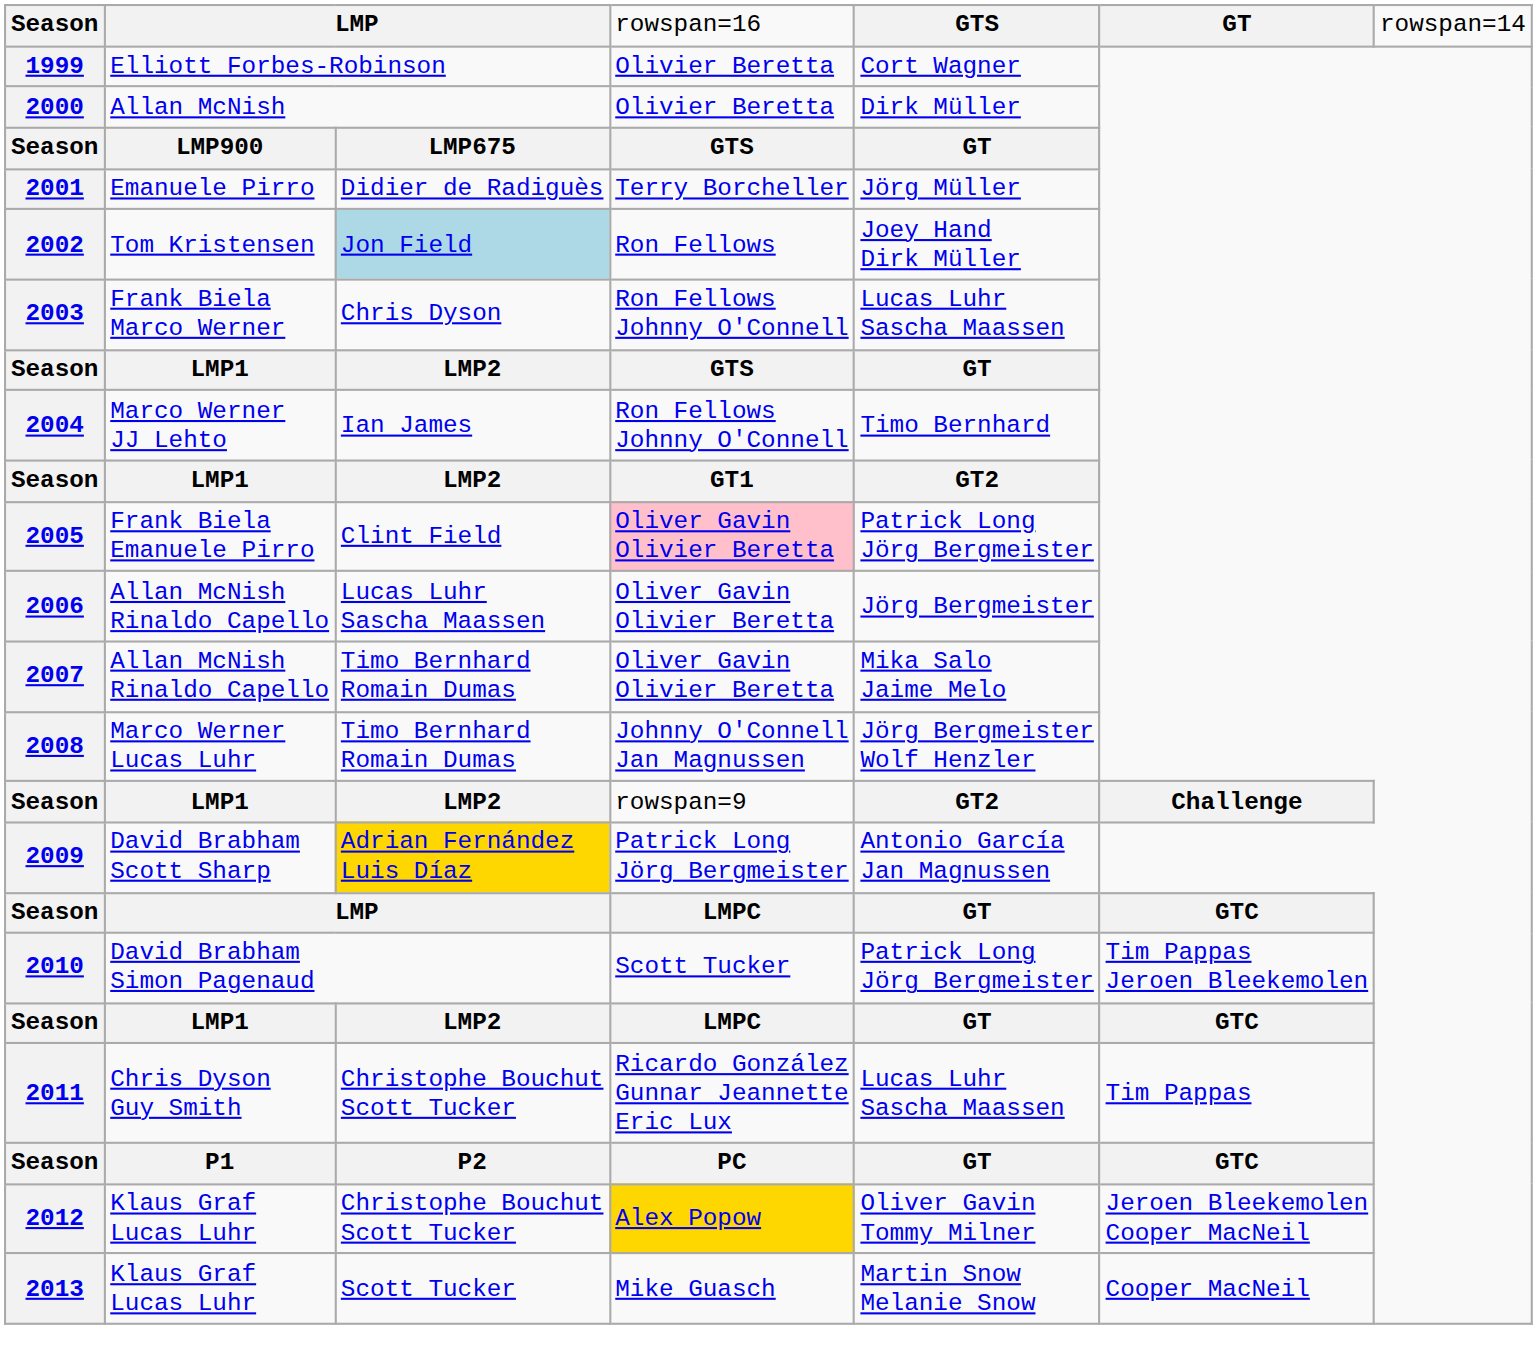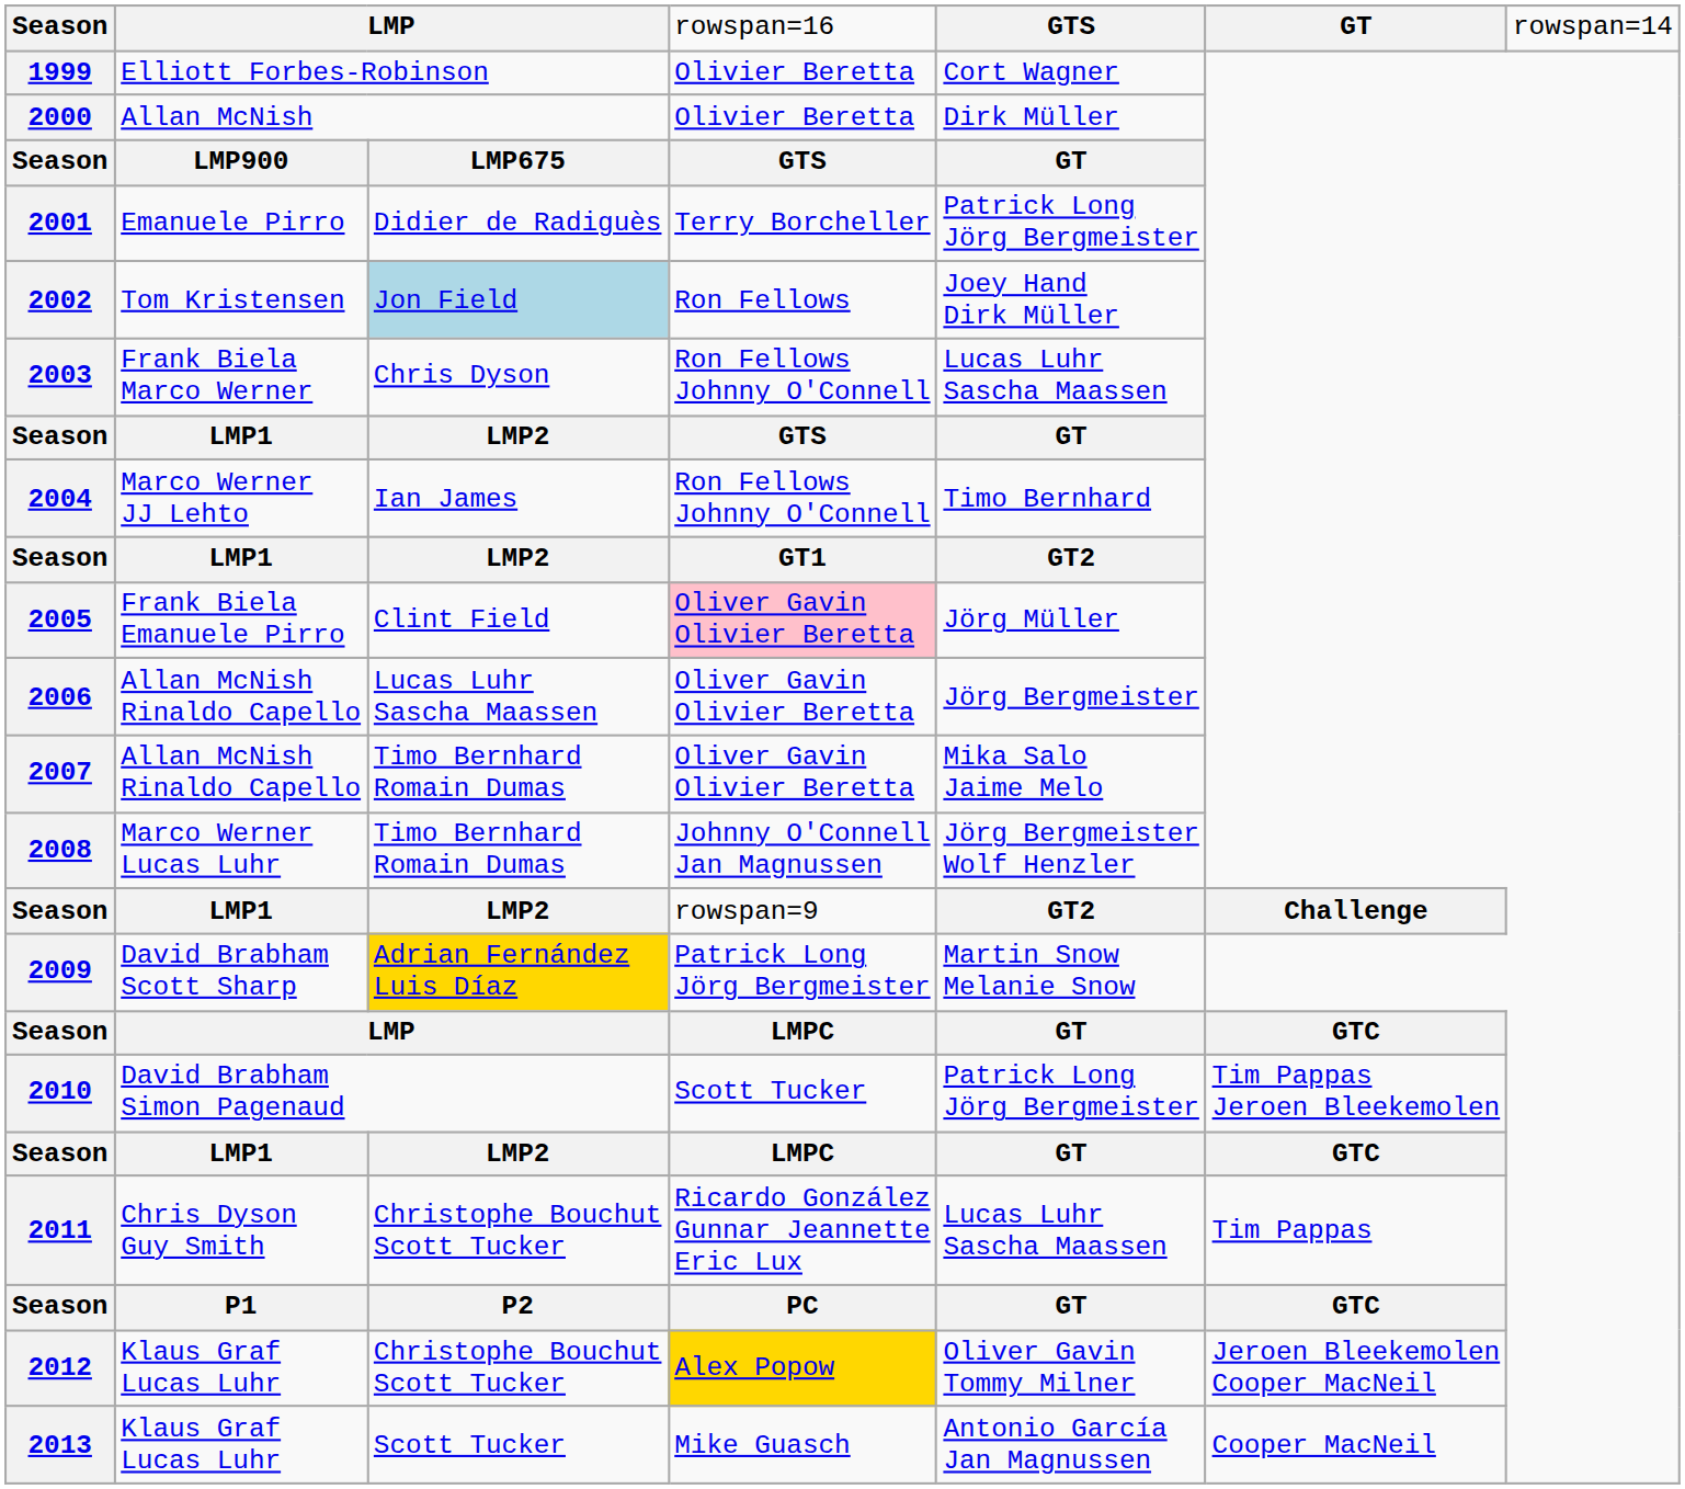 <table class="wikitable" style="font-size: 90%;">
 <tr>
 <th>Season</th>
 <th colspan=2>LMP</th>
 <td>rowspan=16 </td>
 <th>GTS</th>
 <th>GT</th>
 <td>rowspan=14 </td>
 </tr>
 <tr>
 <th><a href='#'>1999</a></th>
 <td colspan=2> <a href='#'>Elliott Forbes-Robinson</a></td>
 <td> <a href='#'>Olivier Beretta</a></td>
 <td> <a href='#'>Cort Wagner</a></td>
 </tr>
 <tr>
 <th><a href='#'>2000</a></th>
 <td colspan=2> <a href='#'>Allan McNish</a></td>
 <td> <a href='#'>Olivier Beretta</a></td>
 <td> <a href='#'>Dirk Müller</a></td>
 </tr>
 <tr>
 <th>Season</th>
 <th>LMP900</th>
 <th>LMP675</th>
 <th>GTS</th>
 <th>GT</th>
 </tr>
 <tr>
 <th><a href='#'>2001</a></th>
 <td> <a href='#'>Emanuele Pirro</a></td>
 <td> <a href='#'>Didier de Radiguès</a></td>
 <td> <a href='#'>Terry Borcheller</a></td>
-<td> <a href='#'>Jörg Müller</a></td>
+<td> <a href='#'>Patrick Long</a><br> <a href='#'>Jörg Bergmeister</a></td>
 </tr>
 <tr>
 <th><a href='#'>2002</a></th>
 <td> <a href='#'>Tom Kristensen</a></td>
 <td style="background: lightblue;"> <a href='#'>Jon Field</a></td>
 <td> <a href='#'>Ron Fellows</a></td>
 <td> <a href='#'>Joey Hand</a><br> <a href='#'>Dirk Müller</a></td>
 </tr>
 <tr>
 <th><a href='#'>2003</a></th>
 <td> <a href='#'>Frank Biela</a><br> <a href='#'>Marco Werner</a></td>
 <td> <a href='#'>Chris Dyson</a></td>
 <td> <a href='#'>Ron Fellows</a><br> <a href='#'>Johnny O'Connell</a></td>
 <td> <a href='#'>Lucas Luhr</a><br> <a href='#'>Sascha Maassen</a></td>
 </tr>
 <tr>
 <th>Season</th>
 <th>LMP1</th>
 <th>LMP2</th>
 <th>GTS</th>
 <th>GT</th>
 </tr>
 <tr>
 <th><a href='#'>2004</a></th>
 <td> <a href='#'>Marco Werner</a><br> <a href='#'>JJ Lehto</a></td>
 <td> <a href='#'>Ian James</a></td>
 <td> <a href='#'>Ron Fellows</a><br> <a href='#'>Johnny O'Connell</a></td>
 <td> <a href='#'>Timo Bernhard</a></td>
 </tr>
 <tr>
 <th>Season</th>
 <th>LMP1</th>
 <th>LMP2</th>
 <th>GT1</th>
 <th>GT2</th>
 </tr>
 <tr>
 <th><a href='#'>2005</a></th>
 <td> <a href='#'>Frank Biela</a><br> <a href='#'>Emanuele Pirro</a></td>
 <td> <a href='#'>Clint Field</a></td>
 <td style="background: pink;"> <a href='#'>Oliver Gavin</a><br> <a href='#'>Olivier Beretta</a></td>
-<td> <a href='#'>Patrick Long</a><br> <a href='#'>Jörg Bergmeister</a></td>
+<td> <a href='#'>Jörg Müller</a></td>
 </tr>
 <tr>
 <th><a href='#'>2006</a></th>
 <td> <a href='#'>Allan McNish</a><br> <a href='#'>Rinaldo Capello</a></td>
 <td> <a href='#'>Lucas Luhr</a><br> <a href='#'>Sascha Maassen</a></td>
 <td> <a href='#'>Oliver Gavin</a><br> <a href='#'>Olivier Beretta</a></td>
 <td> <a href='#'>Jörg Bergmeister</a></td>
 </tr>
 <tr>
 <th><a href='#'>2007</a></th>
 <td> <a href='#'>Allan McNish</a><br> <a href='#'>Rinaldo Capello</a></td>
 <td> <a href='#'>Timo Bernhard</a><br> <a href='#'>Romain Dumas</a></td>
 <td> <a href='#'>Oliver Gavin</a><br> <a href='#'>Olivier Beretta</a></td>
 <td> <a href='#'>Mika Salo</a><br> <a href='#'>Jaime Melo</a></td>
 </tr>
 <tr>
 <th><a href='#'>2008</a></th>
 <td> <a href='#'>Marco Werner</a><br> <a href='#'>Lucas Luhr</a></td>
 <td> <a href='#'>Timo Bernhard</a><br> <a href='#'>Romain Dumas</a></td>
 <td> <a href='#'>Johnny O'Connell</a><br> <a href='#'>Jan Magnussen</a></td>
 <td> <a href='#'>Jörg Bergmeister</a><br> <a href='#'>Wolf Henzler</a></td>
 </tr>
 <tr>
 <th>Season</th>
 <th>LMP1</th>
 <th>LMP2</th>
 <td>rowspan=9 </td>
 <th>GT2</th>
 <th>Challenge</th>
 </tr>
 <tr>
 <th><a href='#'>2009</a></th>
 <td> <a href='#'>David Brabham</a><br> <a href='#'>Scott Sharp</a></td>
 <td style="background: gold;"> <a href='#'>Adrian Fernández</a><br> <a href='#'>Luis Díaz</a></td>
 <td> <a href='#'>Patrick Long</a><br> <a href='#'>Jörg Bergmeister</a></td>
-<td> <a href='#'>Antonio García</a><br> <a href='#'>Jan Magnussen</a></td>
+<td> <a href='#'>Martin Snow</a><br> <a href='#'>Melanie Snow</a></td>
 </tr>
 <tr>
 <th>Season</th>
 <th colspan=2>LMP</th>
 <th>LMPC</th>
 <th>GT</th>
 <th>GTC</th>
 </tr>
 <tr>
 <th><a href='#'>2010</a></th>
 <td colspan=2> <a href='#'>David Brabham</a><br> <a href='#'>Simon Pagenaud</a></td>
 <td> <a href='#'>Scott Tucker</a></td>
 <td> <a href='#'>Patrick Long</a><br> <a href='#'>Jörg Bergmeister</a></td>
 <td> <a href='#'>Tim Pappas</a><br> <a href='#'>Jeroen Bleekemolen</a></td>
 </tr>
 <tr>
 <th>Season</th>
 <th>LMP1</th>
 <th>LMP2</th>
 <th>LMPC</th>
 <th>GT</th>
 <th>GTC</th>
 </tr>
 <tr>
 <th><a href='#'>2011</a></th>
 <td> <a href='#'>Chris Dyson</a><br> <a href='#'>Guy Smith</a></td>
 <td> <a href='#'>Christophe Bouchut</a><br> <a href='#'>Scott Tucker</a></td>
 <td> <a href='#'>Ricardo González</a><br> <a href='#'>Gunnar Jeannette</a><br> <a href='#'>Eric Lux</a></td>
 <td> <a href='#'>Lucas Luhr</a><br> <a href='#'>Sascha Maassen</a></td>
 <td> <a href='#'>Tim Pappas</a></td>
 </tr>
 <tr>
 <th>Season</th>
 <th>P1</th>
 <th>P2</th>
 <th>PC</th>
 <th>GT</th>
 <th>GTC</th>
 </tr>
 <tr>
 <th><a href='#'>2012</a></th>
 <td> <a href='#'>Klaus Graf</a><br> <a href='#'>Lucas Luhr</a></td>
 <td> <a href='#'>Christophe Bouchut</a><br> <a href='#'>Scott Tucker</a></td>
 <td style="background: gold;"> <a href='#'>Alex Popow</a></td>
 <td> <a href='#'>Oliver Gavin</a><br> <a href='#'>Tommy Milner</a></td>
 <td> <a href='#'>Jeroen Bleekemolen</a><br> <a href='#'>Cooper MacNeil</a></td>
 </tr>
 <tr>
 <th><a href='#'>2013</a></th>
 <td> <a href='#'>Klaus Graf</a><br> <a href='#'>Lucas Luhr</a></td>
 <td> <a href='#'>Scott Tucker</a></td>
 <td> <a href='#'>Mike Guasch</a></td>
-<td> <a href='#'>Martin Snow</a><br> <a href='#'>Melanie Snow</a></td>
+<td> <a href='#'>Antonio García</a><br> <a href='#'>Jan Magnussen</a></td>
 <td> <a href='#'>Cooper MacNeil</a></td>
 </tr>
 </table>
